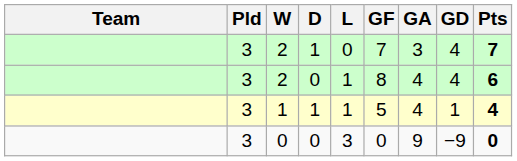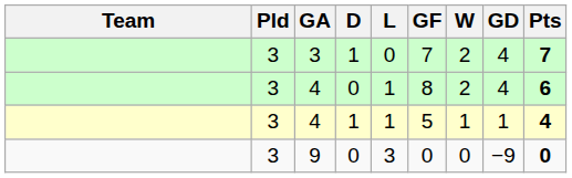 <table class="wikitable" style="text-align:center;">
 <tr>
 <th width=180>Team</th>
 <th width=20>Pld</th>
-<th width=20>W</th>
+<th width=20>GA</th>
 <th width=20>D</th>
 <th width=20>L</th>
 <th width=20>GF</th>
-<th width=20>GA</th>
+<th width=20>W</th>
 <th width=20>GD</th>
 <th width=20>Pts</th>
 </tr>
 <tr bgcolor="ccffcc">
 <td align="left"><em></em></td>
 <td>3</td>
-<td>2</td>
+<td>3</td>
 <td>1</td>
 <td>0</td>
 <td>7</td>
-<td>3</td>
+<td>2</td>
 <td>4</td>
 <td><strong>7</strong></td>
 </tr>
 <tr bgcolor="ccffcc">
 <td align="left"></td>
 <td>3</td>
-<td>2</td>
+<td>4</td>
 <td>0</td>
 <td>1</td>
 <td>8</td>
-<td>4</td>
+<td>2</td>
 <td>4</td>
 <td><strong>6</strong></td>
 </tr>
 <tr bgcolor="ffffcc">
 <td align="left"></td>
 <td>3</td>
-<td>1</td>
+<td>4</td>
 <td>1</td>
 <td>1</td>
 <td>5</td>
-<td>4</td>
+<td>1</td>
 <td>1</td>
 <td><strong>4</strong></td>
 </tr>
 <tr>
 <td align="left"></td>
 <td>3</td>
-<td>0</td>
+<td>9</td>
 <td>0</td>
 <td>3</td>
 <td>0</td>
-<td>9</td>
+<td>0</td>
 <td>−9</td>
 <td><strong>0</strong></td>
 </tr>
 </table>
